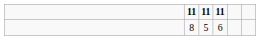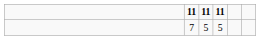 <table class="wikitable">
 <tr>
 <td style="width:18em"><strong></strong></td>
 <td align=center style="width:1em"><strong>11</strong></td>
 <td align=center style="width:1em"><strong>11</strong></td>
 <td align=center style="width:1em"><strong>11</strong></td>
 <td align=center style="width:1em"></td>
 <td align=center style="width:1em"></td>
 </tr>
 <tr>
 <td style="width:18em"></td>
-<td align=center style="width:1em">8</td>
+<td align=center style="width:1em">7</td>
 <td align=center style="width:1em">5</td>
-<td align=center style="width:1em">6</td>
+<td align=center style="width:1em">5</td>
 <td align=center style="width:1em"></td>
 <td align=center style="width:1em"></td>
 </tr>
 </table>
